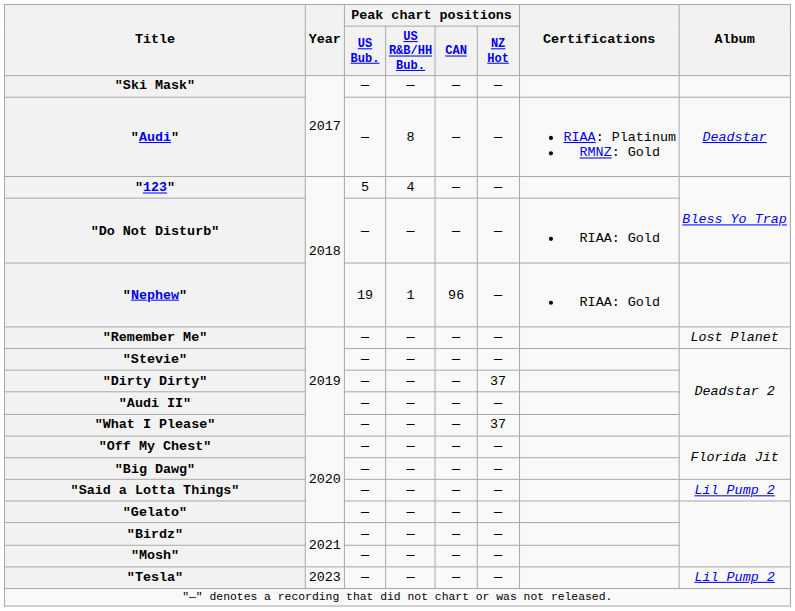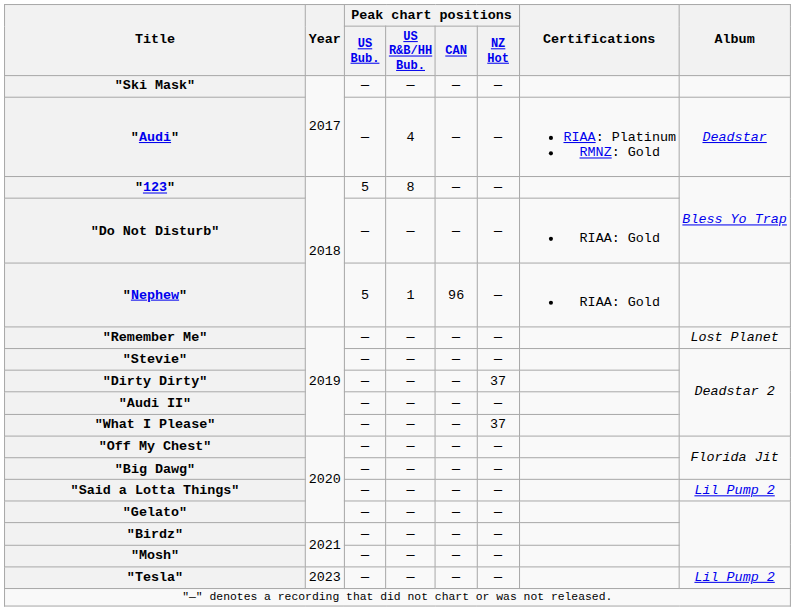 <table class="wikitable plainrowheaders" style="text-align:center;">
 <tr>
 <th scope="col" rowspan="2" style="width:22em;">Title</th>
 <th scope="col" rowspan="2" style="width:1em;">Year</th>
 <th colspan="4" scope="col">Peak chart positions</th>
 <th scope="col" rowspan="2">Certifications</th>
 <th scope="col" rowspan="2">Album</th>
 </tr>
 <tr>
 <th scope="col" style="width:3em;font-size:90%;"><a href='#'>US<br>Bub.</a><br></th>
 <th scope="col" style="width:3em;font-size:90%;"><a href='#'>US<br>R&B/HH<br>Bub.</a><br></th>
 <th scope="col" style="width:3em;font-size:90%;"><a href='#'>CAN</a><br></th>
 <th scope="col" style="width:3em;font-size:90%;"><a href='#'>NZ<br>Hot</a><br></th>
 </tr>
 <tr>
 <th scope="row">"Ski Mask"</th>
 <td rowspan="2">2017</td>
 <td>—</td>
 <td>—</td>
 <td>—</td>
 <td>—</td>
 <td></td>
 <td></td>
 </tr>
 <tr>
 <th scope="row">"<a href='#'>Audi</a>"</th>
 <td>—</td>
-<td>8</td>
+<td>4</td>
 <td>—</td>
 <td>—</td>
 <td><br><ul><li><a href='#'>RIAA</a>: Platinum</li><li><a href='#'>RMNZ</a>: Gold</li></ul></td>
 <td><em><a href='#'>Deadstar</a></em></td>
 </tr>
 <tr>
 <th scope="row">"<a href='#'>123</a>"<br></th>
 <td rowspan="3">2018</td>
 <td>5</td>
-<td>4</td>
+<td>8</td>
 <td>—</td>
 <td>—</td>
 <td></td>
 <td rowspan="2"><em><a href='#'>Bless Yo Trap</a></em></td>
 </tr>
 <tr>
 <th scope="row">"Do Not Disturb"<br></th>
 <td>—</td>
 <td>—</td>
 <td>—</td>
 <td>—</td>
 <td><br><ul><li>RIAA: Gold</li></ul></td>
 </tr>
 <tr>
 <th scope="row">"<a href='#'>Nephew</a>"<br></th>
-<td>19</td>
+<td>5</td>
 <td>1</td>
 <td>96</td>
 <td>—</td>
 <td><br><ul><li>RIAA: Gold</li></ul></td>
 <td></td>
 </tr>
 <tr>
 <th scope="row">"Remember Me"</th>
 <td rowspan="5">2019</td>
 <td>—</td>
 <td>—</td>
 <td>—</td>
 <td>—</td>
 <td></td>
 <td><em>Lost Planet</em></td>
 </tr>
 <tr>
 <th scope="row">"Stevie"</th>
 <td>—</td>
 <td>—</td>
 <td>—</td>
 <td>—</td>
 <td></td>
 <td rowspan="4"><em>Deadstar 2</em></td>
 </tr>
 <tr>
 <th scope="row">"Dirty Dirty"<br></th>
 <td>—</td>
 <td>—</td>
 <td>—</td>
 <td>37</td>
 <td></td>
 </tr>
 <tr>
 <th scope="row">"Audi II"</th>
 <td>—</td>
 <td>—</td>
 <td>—</td>
 <td>—</td>
 <td></td>
 </tr>
 <tr>
 <th scope="row">"What I Please"<br></th>
 <td>—</td>
 <td>—</td>
 <td>—</td>
 <td>37</td>
 <td></td>
 </tr>
 <tr>
 <th scope="row">"Off My Chest"<br></th>
 <td rowspan="4">2020</td>
 <td>—</td>
 <td>—</td>
 <td>—</td>
 <td>—</td>
 <td></td>
 <td rowspan="2"><em>Florida Jit</em></td>
 </tr>
 <tr>
 <th scope="row">"Big Dawg"<br></th>
 <td>—</td>
 <td>—</td>
 <td>—</td>
 <td>—</td>
 <td></td>
 </tr>
 <tr>
 <th scope="row">"Said a Lotta Things"</th>
 <td>—</td>
 <td>—</td>
 <td>—</td>
 <td>—</td>
 <td></td>
 <td><em><a href='#'>Lil Pump 2</a></em></td>
 </tr>
 <tr>
 <th scope="row">"Gelato"<br></th>
 <td>—</td>
 <td>—</td>
 <td>—</td>
 <td>—</td>
 <td></td>
 </tr>
 <tr>
 <th scope="row">"Birdz" <br></th>
 <td rowspan="2">2021</td>
 <td>—</td>
 <td>—</td>
 <td>—</td>
 <td>—</td>
 <td></td>
 </tr>
 <tr>
 <th scope="row">"Mosh" <br></th>
 <td>—</td>
 <td>—</td>
 <td>—</td>
 <td>—</td>
 <td></td>
 </tr>
 <tr>
 <th scope="row">"Tesla" <br></th>
 <td>2023</td>
 <td>—</td>
 <td>—</td>
 <td>—</td>
 <td>—</td>
 <td></td>
 <td><em><a href='#'>Lil Pump 2</a></em></td>
 </tr>
 <tr>
 <td colspan="8" style="font-size:85%">"—" denotes a recording that did not chart or was not released.</td>
 </tr>
 </table>
